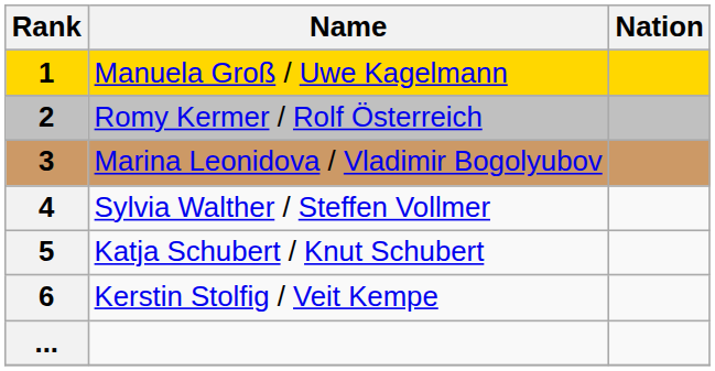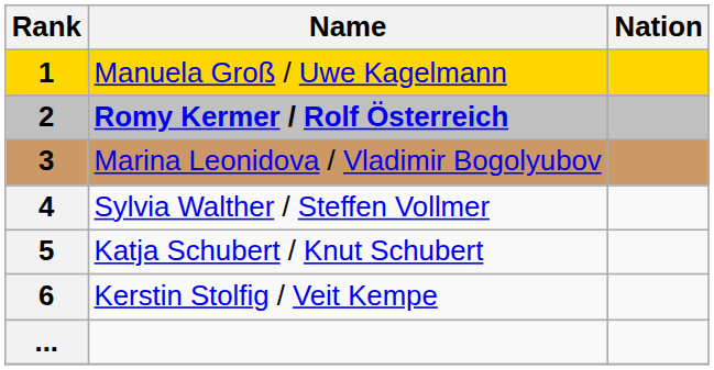 <table class="wikitable">
 <tr>
 <th>Rank</th>
 <th>Name</th>
 <th>Nation</th>
 </tr>
 <tr bgcolor="gold">
 <td align="center"><strong>1</strong></td>
 <td><a href='#'>Manuela Groß</a> / <a href='#'>Uwe Kagelmann</a></td>
 <td></td>
 </tr>
 <tr bgcolor="silver">
 <td align="center"><strong>2</strong></td>
-<td><a href='#'>Romy Kermer</a> / <a href='#'>Rolf Österreich </a></td>
+<td><strong><a href='#'>Romy Kermer</a> / <a href='#'>Rolf Österreich </a></strong></td>
 <td></td>
 </tr>
 <tr bgcolor="cc9966">
 <td align="center"><strong>3</strong></td>
 <td><a href='#'>Marina Leonidova</a> / <a href='#'>Vladimir Bogolyubov</a></td>
 <td></td>
 </tr>
 <tr>
 <th>4</th>
 <td><a href='#'>Sylvia Walther</a> / <a href='#'>Steffen Vollmer</a></td>
 <td></td>
 </tr>
 <tr>
 <th>5</th>
 <td><a href='#'>Katja Schubert</a>  / <a href='#'>Knut Schubert</a></td>
 <td></td>
 </tr>
 <tr>
 <th>6</th>
 <td><a href='#'>Kerstin Stolfig</a> / <a href='#'>Veit Kempe</a></td>
 <td></td>
 </tr>
 <tr>
 <th>...</th>
 <td></td>
 <td></td>
 </tr>
 <tr>
 </tr>
 </table>
